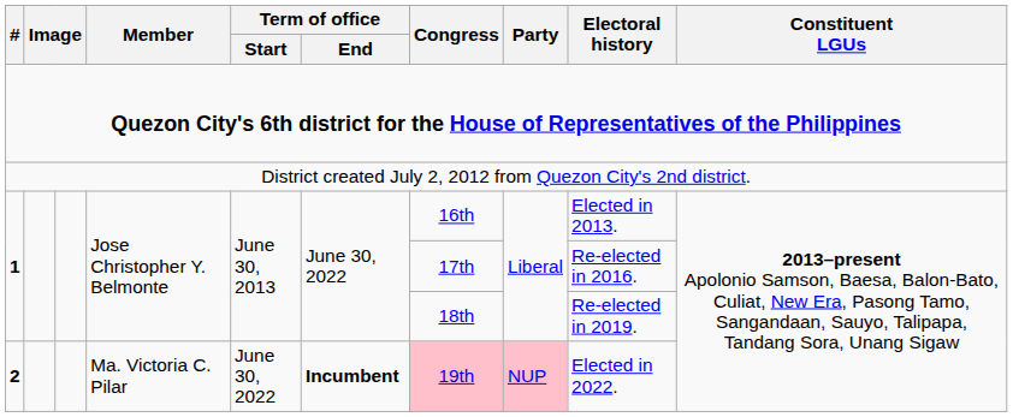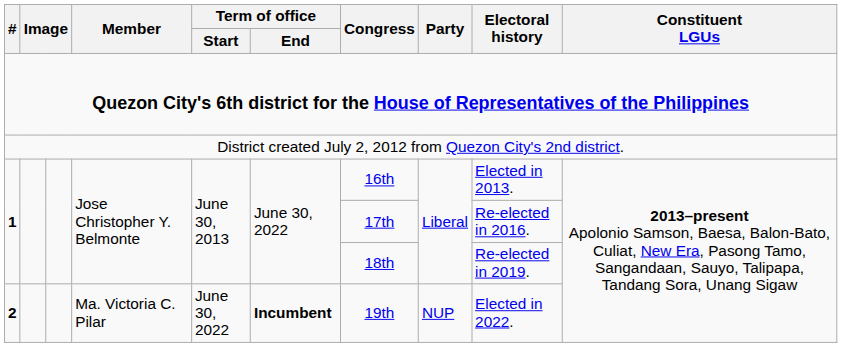 <table class="wikitable">
 <tr>
 <th rowspan="2">#</th>
 <th colspan="2" rowspan="2">Image</th>
 <th rowspan="2">Member</th>
 <th colspan="2">Term of office</th>
 <th rowspan="2">Congress</th>
 <th rowspan="2">Party</th>
 <th rowspan="2">Electoral history</th>
 <th rowspan="2" width="33%">Constituent<br><a href='#'>LGUs</a></th>
 </tr>
 <tr>
 <th>Start</th>
 <th>End</th>
 </tr>
 <tr>
 <td colspan="10" style="text-align:center;"><br><h3>Quezon City's 6th district for the <a href='#'>House of Representatives of the Philippines</a></h3></td>
 </tr>
 <tr>
 <td colspan="10" style="text-align:center;">District created July 2, 2012 from <a href='#'>Quezon City's 2nd district</a>.</td>
 </tr>
 <tr>
 <td rowspan="3" style="text-align:center;"><strong>1</strong></td>
 <td rowspan="3" style="color:inherit;background:"></td>
 <td rowspan="3"></td>
 <td rowspan="3">Jose Christopher Y. Belmonte</td>
 <td rowspan="3">June 30, 2013</td>
 <td rowspan="3">June 30, 2022</td>
 <td style="text-align:center;"><a href='#'>16th</a></td>
 <td rowspan="3"><a href='#'>Liberal</a></td>
 <td><a href='#'>Elected in 2013</a>.</td>
 <td rowspan="4" align="center"><strong>2013–present</strong><br>Apolonio Samson, Baesa, Balon-Bato, Culiat, <a href='#'>New Era</a>, Pasong Tamo, Sangandaan, Sauyo, Talipapa, Tandang Sora, Unang Sigaw</td>
 </tr>
 <tr>
 <td style="text-align:center;"><a href='#'>17th</a></td>
 <td><a href='#'>Re-elected in 2016</a>.</td>
 </tr>
 <tr>
 <td style="text-align:center;"><a href='#'>18th</a></td>
 <td><a href='#'>Re-elected in 2019</a>.</td>
 </tr>
 <tr>
 <td style="text-align:center;"><strong>2</strong></td>
 <td style="color:inherit;background:"></td>
 <td></td>
 <td>Ma. Victoria C. Pilar</td>
 <td>June 30, 2022</td>
 <td><strong>Incumbent</strong></td>
-<td style="background: pink; text-align:center;"><a href='#'>19th</a></td>
-<td style="background: pink;"><a href='#'>NUP</a></td>
+<td style="text-align:center;"><a href='#'>19th</a></td>
+<td><a href='#'>NUP</a></td>
 <td><a href='#'>Elected in 2022</a>.</td>
 </tr>
 </table>
